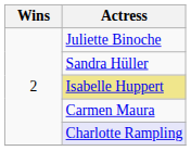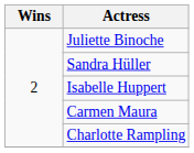 <table class="wikitable sortable">
 <tr>
 <th scope="col" width="55">Wins</th>
 <th scope="col">Actress</th>
 </tr>
 <tr>
 <td rowspan="5" style="text-align:center">2</td>
 <td><a href='#'>Juliette Binoche</a></td>
 </tr>
 <tr>
 <td><a href='#'>Sandra Hüller</a></td>
 </tr>
 <tr>
-<td style="background: khaki;"><a href='#'>Isabelle Huppert</a></td>
+<td><a href='#'>Isabelle Huppert</a></td>
 </tr>
 <tr>
 <td><a href='#'>Carmen Maura</a></td>
 </tr>
 <tr>
-<td style="background: lavender;"><a href='#'>Charlotte Rampling</a></td>
+<td><a href='#'>Charlotte Rampling</a></td>
 </tr>
 <tr>
 </tr>
 </table>
